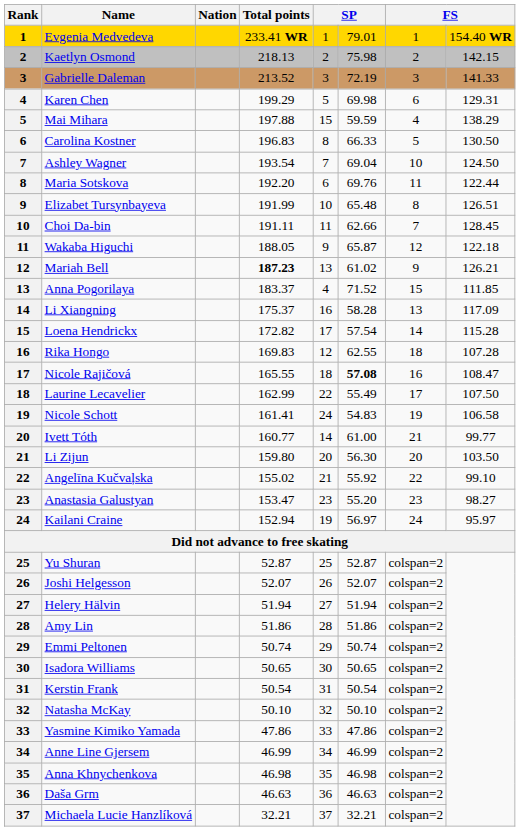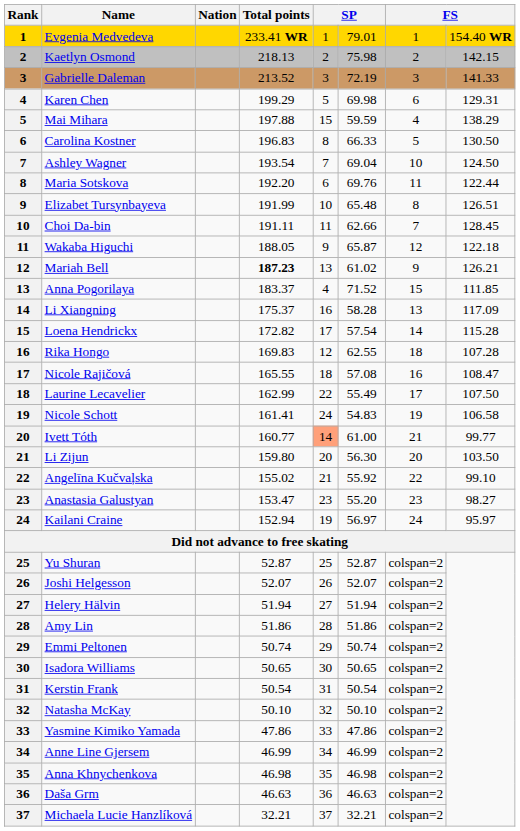 <table class="wikitable sortable">
 <tr>
 <th>Rank</th>
 <th>Name</th>
 <th>Nation</th>
 <th>Total points</th>
 <th colspan="2" width="80px"><a href='#'>SP</a></th>
 <th colspan="2" width="80px"><a href='#'>FS</a></th>
 </tr>
 <tr bgcolor="gold">
 <td align="center"><strong>1</strong></td>
 <td><a href='#'>Evgenia Medvedeva</a></td>
 <td></td>
 <td align="center">233.41 <strong>WR</strong></td>
 <td align="center">1</td>
 <td align="center">79.01</td>
 <td align="center">1</td>
 <td align="center">154.40 <strong>WR</strong></td>
 </tr>
 <tr bgcolor="silver">
 <td align="center"><strong>2</strong></td>
 <td><a href='#'>Kaetlyn Osmond</a></td>
 <td></td>
 <td align="center">218.13</td>
 <td align="center">2</td>
 <td align="center">75.98</td>
 <td align="center">2</td>
 <td align="center">142.15</td>
 </tr>
 <tr bgcolor="#cc9966">
 <td align="center"><strong>3</strong></td>
 <td><a href='#'>Gabrielle Daleman</a></td>
 <td></td>
 <td align="center">213.52</td>
 <td align="center">3</td>
 <td align="center">72.19</td>
 <td align="center">3</td>
 <td align="center">141.33</td>
 </tr>
 <tr>
 <th>4</th>
 <td><a href='#'>Karen Chen</a></td>
 <td></td>
 <td align="center">199.29</td>
 <td align="center">5</td>
 <td align="center">69.98</td>
 <td align="center">6</td>
 <td align="center">129.31</td>
 </tr>
 <tr>
 <th>5</th>
 <td><a href='#'>Mai Mihara</a></td>
 <td></td>
 <td align="center">197.88</td>
 <td align="center">15</td>
 <td align="center">59.59</td>
 <td align="center">4</td>
 <td align="center">138.29</td>
 </tr>
 <tr>
 <th>6</th>
 <td><a href='#'>Carolina Kostner</a></td>
 <td></td>
 <td align="center">196.83</td>
 <td align="center">8</td>
 <td align="center">66.33</td>
 <td align="center">5</td>
 <td align="center">130.50</td>
 </tr>
 <tr>
 <th>7</th>
 <td><a href='#'>Ashley Wagner</a></td>
 <td></td>
 <td align="center">193.54</td>
 <td align="center">7</td>
 <td align="center">69.04</td>
 <td align="center">10</td>
 <td align="center">124.50</td>
 </tr>
 <tr>
 <th>8</th>
 <td><a href='#'>Maria Sotskova</a></td>
 <td></td>
 <td align="center">192.20</td>
 <td align="center">6</td>
 <td align="center">69.76</td>
 <td align="center">11</td>
 <td align="center">122.44</td>
 </tr>
 <tr>
 <th>9</th>
 <td><a href='#'>Elizabet Tursynbayeva</a></td>
 <td></td>
 <td align="center">191.99</td>
 <td align="center">10</td>
 <td align="center">65.48</td>
 <td align="center">8</td>
 <td align="center">126.51</td>
 </tr>
 <tr>
 <th>10</th>
 <td><a href='#'>Choi Da-bin</a></td>
 <td></td>
 <td align="center">191.11</td>
 <td align="center">11</td>
 <td align="center">62.66</td>
 <td align="center">7</td>
 <td align="center">128.45</td>
 </tr>
 <tr>
 <th>11</th>
 <td><a href='#'>Wakaba Higuchi</a></td>
 <td></td>
 <td align="center">188.05</td>
 <td align="center">9</td>
 <td align="center">65.87</td>
 <td align="center">12</td>
 <td align="center">122.18</td>
 </tr>
 <tr>
 <th>12</th>
 <td><a href='#'>Mariah Bell</a></td>
 <td></td>
 <td align="center"><strong>187.23</strong></td>
 <td align="center">13</td>
 <td align="center">61.02</td>
 <td align="center">9</td>
 <td align="center">126.21</td>
 </tr>
 <tr>
 <th>13</th>
 <td><a href='#'>Anna Pogorilaya</a></td>
 <td></td>
 <td align="center">183.37</td>
 <td align="center">4</td>
 <td align="center">71.52</td>
 <td align="center">15</td>
 <td align="center">111.85</td>
 </tr>
 <tr>
 <th>14</th>
 <td><a href='#'>Li Xiangning</a></td>
 <td></td>
 <td align="center">175.37</td>
 <td align="center">16</td>
 <td align="center">58.28</td>
 <td align="center">13</td>
 <td align="center">117.09</td>
 </tr>
 <tr>
 <th>15</th>
 <td><a href='#'>Loena Hendrickx</a></td>
 <td></td>
 <td align="center">172.82</td>
 <td align="center">17</td>
 <td align="center">57.54</td>
 <td align="center">14</td>
 <td align="center">115.28</td>
 </tr>
 <tr>
 <th>16</th>
 <td><a href='#'>Rika Hongo</a></td>
 <td></td>
 <td align="center">169.83</td>
 <td align="center">12</td>
 <td align="center">62.55</td>
 <td align="center">18</td>
 <td align="center">107.28</td>
 </tr>
 <tr>
 <th>17</th>
 <td><a href='#'>Nicole Rajičová</a></td>
 <td></td>
 <td align="center">165.55</td>
 <td align="center">18</td>
-<td align="center"><strong>57.08</strong></td>
+<td align="center">57.08</td>
 <td align="center">16</td>
 <td align="center">108.47</td>
 </tr>
 <tr>
 <th>18</th>
 <td><a href='#'>Laurine Lecavelier</a></td>
 <td></td>
 <td align="center">162.99</td>
 <td align="center">22</td>
 <td align="center">55.49</td>
 <td align="center">17</td>
 <td align="center">107.50</td>
 </tr>
 <tr>
 <th>19</th>
 <td><a href='#'>Nicole Schott</a></td>
 <td></td>
 <td align="center">161.41</td>
 <td align="center">24</td>
 <td align="center">54.83</td>
 <td align="center">19</td>
 <td align="center">106.58</td>
 </tr>
 <tr>
 <th>20</th>
 <td><a href='#'>Ivett Tóth</a></td>
 <td></td>
 <td align="center">160.77</td>
-<td align="center">14</td>
+<td align="center" style="background: lightsalmon;">14</td>
 <td align="center">61.00</td>
 <td align="center">21</td>
 <td align="center">99.77</td>
 </tr>
 <tr>
 <th>21</th>
 <td><a href='#'>Li Zijun</a></td>
 <td></td>
 <td align="center">159.80</td>
 <td align="center">20</td>
 <td align="center">56.30</td>
 <td align="center">20</td>
 <td align="center">103.50</td>
 </tr>
 <tr>
 <th>22</th>
 <td><a href='#'>Angelīna Kučvaļska</a></td>
 <td></td>
 <td align="center">155.02</td>
 <td align="center">21</td>
 <td align="center">55.92</td>
 <td align="center">22</td>
 <td align="center">99.10</td>
 </tr>
 <tr>
 <th>23</th>
 <td><a href='#'>Anastasia Galustyan</a></td>
 <td></td>
 <td align="center">153.47</td>
 <td align="center">23</td>
 <td align="center">55.20</td>
 <td align="center">23</td>
 <td align="center">98.27</td>
 </tr>
 <tr>
 <th>24</th>
 <td><a href='#'>Kailani Craine</a></td>
 <td></td>
 <td align="center">152.94</td>
 <td align="center">19</td>
 <td align="center">56.97</td>
 <td align="center">24</td>
 <td align="center">95.97</td>
 </tr>
 <tr>
 <th colspan=8>Did not advance to free skating</th>
 </tr>
 <tr>
 <th>25</th>
 <td><a href='#'>Yu Shuran</a></td>
 <td></td>
 <td align="center">52.87</td>
 <td align="center">25</td>
 <td align="center">52.87</td>
 <td>colspan=2 </td>
 </tr>
 <tr>
 <th>26</th>
 <td><a href='#'>Joshi Helgesson</a></td>
 <td></td>
 <td align="center">52.07</td>
 <td align="center">26</td>
 <td align="center">52.07</td>
 <td>colspan=2 </td>
 </tr>
 <tr>
 <th>27</th>
 <td><a href='#'>Helery Hälvin</a></td>
 <td></td>
 <td align="center">51.94</td>
 <td align="center">27</td>
 <td align="center">51.94</td>
 <td>colspan=2 </td>
 </tr>
 <tr>
 <th>28</th>
 <td><a href='#'>Amy Lin</a></td>
 <td></td>
 <td align="center">51.86</td>
 <td align="center">28</td>
 <td align="center">51.86</td>
 <td>colspan=2 </td>
 </tr>
 <tr>
 <th>29</th>
 <td><a href='#'>Emmi Peltonen</a></td>
 <td></td>
 <td align="center">50.74</td>
 <td align="center">29</td>
 <td align="center">50.74</td>
 <td>colspan=2 </td>
 </tr>
 <tr>
 <th>30</th>
 <td><a href='#'>Isadora Williams</a></td>
 <td></td>
 <td align="center">50.65</td>
 <td align="center">30</td>
 <td align="center">50.65</td>
 <td>colspan=2 </td>
 </tr>
 <tr>
 <th>31</th>
 <td><a href='#'>Kerstin Frank</a></td>
 <td></td>
 <td align="center">50.54</td>
 <td align="center">31</td>
 <td align="center">50.54</td>
 <td>colspan=2 </td>
 </tr>
 <tr>
 <th>32</th>
 <td><a href='#'>Natasha McKay</a></td>
 <td></td>
 <td align="center">50.10</td>
 <td align="center">32</td>
 <td align="center">50.10</td>
 <td>colspan=2 </td>
 </tr>
 <tr>
 <th>33</th>
 <td><a href='#'>Yasmine Kimiko Yamada</a></td>
 <td></td>
 <td align="center">47.86</td>
 <td align="center">33</td>
 <td align="center">47.86</td>
 <td>colspan=2 </td>
 </tr>
 <tr>
 <th>34</th>
 <td><a href='#'>Anne Line Gjersem</a></td>
 <td></td>
 <td align="center">46.99</td>
 <td align="center">34</td>
 <td align="center">46.99</td>
 <td>colspan=2 </td>
 </tr>
 <tr>
 <th>35</th>
 <td><a href='#'>Anna Khnychenkova</a></td>
 <td></td>
 <td align="center">46.98</td>
 <td align="center">35</td>
 <td align="center">46.98</td>
 <td>colspan=2 </td>
 </tr>
 <tr>
 <th>36</th>
 <td><a href='#'>Daša Grm</a></td>
 <td></td>
 <td align="center">46.63</td>
 <td align="center">36</td>
 <td align="center">46.63</td>
 <td>colspan=2 </td>
 </tr>
 <tr>
 <th>37</th>
 <td><a href='#'>Michaela Lucie Hanzlíková</a></td>
 <td></td>
 <td align="center">32.21</td>
 <td align="center">37</td>
 <td align="center">32.21</td>
 <td>colspan=2 </td>
 </tr>
 </table>
